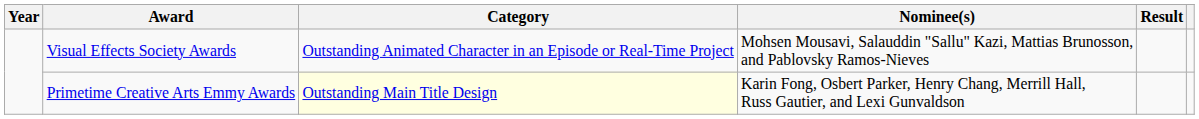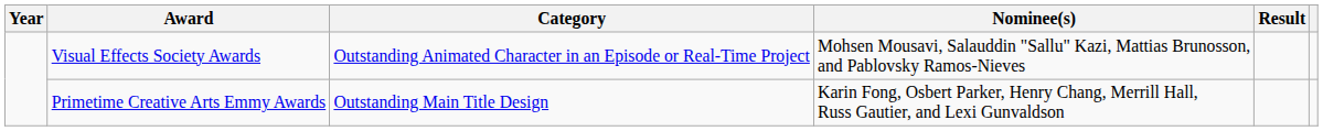 <table class="wikitable">
 <tr>
 <th>Year</th>
 <th>Award</th>
 <th>Category</th>
 <th>Nominee(s)</th>
 <th>Result</th>
 <th></th>
 </tr>
 <tr>
 <td rowspan="2"></td>
 <td><a href='#'>Visual Effects Society Awards</a></td>
 <td><a href='#'>Outstanding Animated Character in an Episode or Real-Time Project</a></td>
 <td>Mohsen Mousavi, Salauddin "Sallu" Kazi, Mattias Brunosson, <br> and Pablovsky Ramos-Nieves </td>
 <td></td>
 <td style="text-align:center;"></td>
 </tr>
 <tr>
 <td><a href='#'>Primetime Creative Arts Emmy Awards</a></td>
-<td style="background: lightyellow;"><a href='#'>Outstanding Main Title Design</a></td>
+<td><a href='#'>Outstanding Main Title Design</a></td>
 <td>Karin Fong, Osbert Parker, Henry Chang, Merrill Hall, <br> Russ Gautier, and Lexi Gunvaldson</td>
 <td></td>
 <td style="text-align:center;"></td>
 </tr>
 </table>
